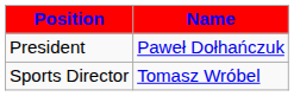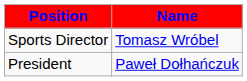 <table class="wikitable">
 <tr>
 <th style="color:#0000FF; background:#FF0000">Position</th>
 <th style="color:#0000FF; background:#FF0000">Name</th>
 </tr>
 <tr>
+<td>Sports Director</td>
+<td> <a href='#'>Tomasz Wróbel</a></td>
+</tr>
+<tr>
 <td>President</td>
 <td> <a href='#'>Paweł Dołhańczuk</a></td>
 </tr>
-<tr>
-<td>Sports Director</td>
-<td> <a href='#'>Tomasz Wróbel</a></td>
-</tr>
 </table>
